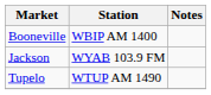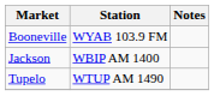 <table class="wikitable" border="1">
 <tr>
 <th>Market</th>
 <th>Station</th>
 <th>Notes</th>
 </tr>
 <tr>
 <td><a href='#'>Booneville</a></td>
-<td><a href='#'>WBIP</a> AM 1400</td>
+<td><a href='#'>WYAB</a> 103.9 FM</td>
 <td></td>
 </tr>
 <tr>
 <td><a href='#'>Jackson</a></td>
-<td><a href='#'>WYAB</a> 103.9 FM</td>
+<td><a href='#'>WBIP</a> AM 1400</td>
 <td></td>
 </tr>
 <tr>
 <td><a href='#'>Tupelo</a></td>
 <td><a href='#'>WTUP</a> AM 1490</td>
 <td></td>
 </tr>
 <tr>
 </tr>
 </table>
